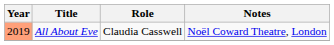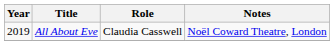 <table class="wikitable sortable">
 <tr>
 <th>Year</th>
 <th>Title</th>
 <th>Role</th>
 <th class="unsortable">Notes</th>
 </tr>
 <tr>
-<td style="background: lightsalmon;">2019</td>
+<td>2019</td>
 <td><em><a href='#'>All About Eve</a></em></td>
 <td>Claudia Casswell</td>
 <td><a href='#'>Noël Coward Theatre</a>, <a href='#'>London</a></td>
 </tr>
 <tr>
 </tr>
 </table>
